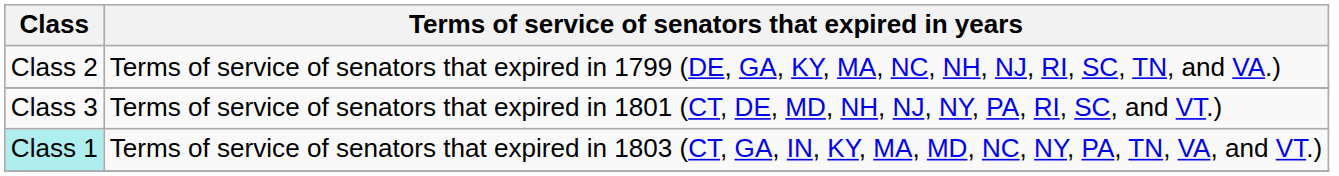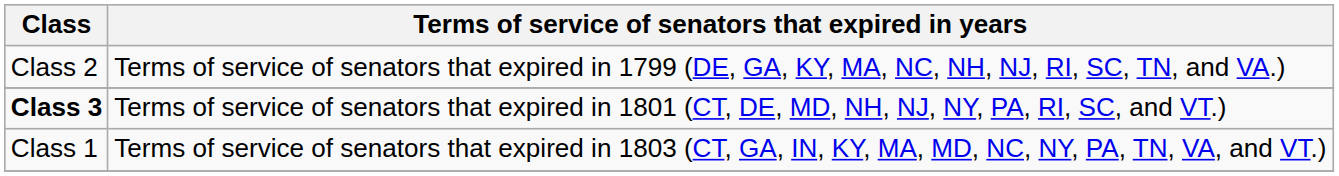 <table class="wikitable sortable">
 <tr valign=bottom>
 <th>Class</th>
 <th>Terms of service of senators that expired in years</th>
 </tr>
 <tr>
 <td>Class 2</td>
 <td>Terms of service of senators that expired in 1799 (<a href='#'>DE</a>, <a href='#'>GA</a>, <a href='#'>KY</a>, <a href='#'>MA</a>, <a href='#'>NC</a>, <a href='#'>NH</a>, <a href='#'>NJ</a>, <a href='#'>RI</a>, <a href='#'>SC</a>, <a href='#'>TN</a>, and <a href='#'>VA</a>.)</td>
 </tr>
 <tr>
 </tr>
 <tr>
-<td>Class 3</td>
+<td><strong>Class 3</strong></td>
 <td>Terms of service of senators that expired in 1801 (<a href='#'>CT</a>, <a href='#'>DE</a>, <a href='#'>MD</a>, <a href='#'>NH</a>, <a href='#'>NJ</a>, <a href='#'>NY</a>, <a href='#'>PA</a>, <a href='#'>RI</a>, <a href='#'>SC</a>, and <a href='#'>VT</a>.)</td>
 </tr>
 <tr>
-<td style="background: paleturquoise;">Class 1</td>
+<td>Class 1</td>
 <td>Terms of service of senators that expired in 1803 (<a href='#'>CT</a>, <a href='#'>GA</a>, <a href='#'>IN</a>, <a href='#'>KY</a>, <a href='#'>MA</a>, <a href='#'>MD</a>, <a href='#'>NC</a>, <a href='#'>NY</a>, <a href='#'>PA</a>, <a href='#'>TN</a>, <a href='#'>VA</a>, and <a href='#'>VT</a>.)</td>
 </tr>
 <tr>
 </tr>
 </table>
